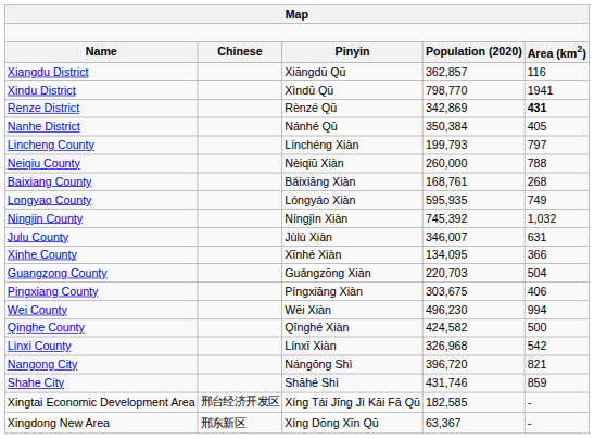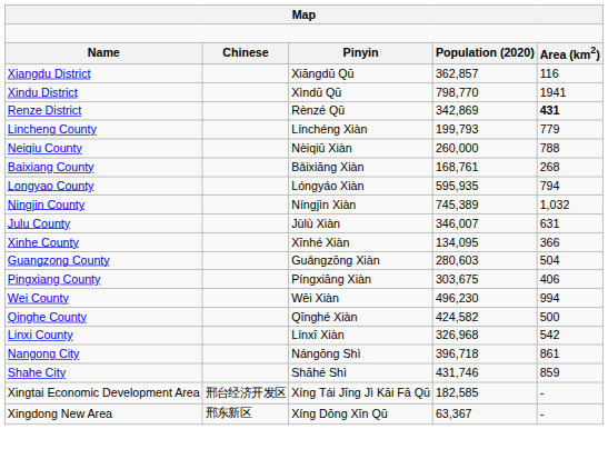 <table class="wikitable sortable" style="font-size:90%;" align="center">
 <tr>
 <th colspan="5" align="center">Map</th>
 </tr>
 <tr>
 <td colspan="5" align="center"><div><br>                     </div></td>
 </tr>
 <tr>
 <th>Name</th>
 <th>Chinese</th>
 <th>Pinyin</th>
 <th>Population (2020)</th>
 <th>Area (km<sup>2</sup>)</th>
 </tr>
 <tr>
 <td><a href='#'>Xiangdu District</a></td>
 <td></td>
 <td>Xiāngdū Qū</td>
 <td>362,857</td>
 <td>116</td>
 </tr>
 <tr>
 <td><a href='#'>Xindu District</a></td>
 <td></td>
 <td>Xìndū Qū</td>
 <td>798,770</td>
 <td>1941</td>
 </tr>
 <tr>
 <td><a href='#'>Renze District</a></td>
 <td></td>
 <td>Rènzé Qū</td>
 <td>342,869</td>
 <td><strong>431</strong></td>
 </tr>
 <tr>
-<td><a href='#'>Nanhe District</a></td>
-<td></td>
-<td>Nánhé Qū</td>
-<td>350,384</td>
-<td>405</td>
-</tr>
-<tr>
 <td><a href='#'>Lincheng County</a></td>
 <td></td>
 <td>Línchéng Xiàn</td>
 <td>199,793</td>
-<td>797</td>
+<td>779</td>
 </tr>
 <tr>
 <td><a href='#'>Neiqiu County</a></td>
 <td></td>
 <td>Nèiqiū Xiàn</td>
 <td>260,000</td>
 <td>788</td>
 </tr>
 <tr>
 <td><a href='#'>Baixiang County</a></td>
 <td></td>
 <td>Bǎixiāng Xiàn</td>
 <td>168,761</td>
 <td>268</td>
 </tr>
 <tr>
 <td><a href='#'>Longyao County</a></td>
 <td></td>
 <td>Lóngyáo Xiàn</td>
 <td>595,935</td>
-<td>749</td>
+<td>794</td>
 </tr>
 <tr>
 <td><a href='#'>Ningjin County</a></td>
 <td></td>
 <td>Níngjìn Xiàn</td>
-<td>745,392</td>
+<td>745,389</td>
 <td>1,032</td>
 </tr>
 <tr>
 <td><a href='#'>Julu County</a></td>
 <td></td>
 <td>Jùlù Xiàn</td>
 <td>346,007</td>
 <td>631</td>
 </tr>
 <tr>
 <td><a href='#'>Xinhe County</a></td>
 <td></td>
 <td>Xīnhé Xiàn</td>
 <td>134,095</td>
 <td>366</td>
 </tr>
 <tr>
 <td><a href='#'>Guangzong County</a></td>
 <td></td>
 <td>Guǎngzōng Xiàn</td>
-<td>220,703</td>
+<td>280,603</td>
 <td>504</td>
 </tr>
 <tr>
 <td><a href='#'>Pingxiang County</a></td>
 <td></td>
 <td>Píngxiāng Xiàn</td>
 <td>303,675</td>
 <td>406</td>
 </tr>
 <tr>
 <td><a href='#'>Wei County</a></td>
 <td></td>
 <td>Wēi Xiàn</td>
 <td>496,230</td>
 <td>994</td>
 </tr>
 <tr>
 <td><a href='#'>Qinghe County</a></td>
 <td></td>
 <td>Qīnghé Xiàn</td>
 <td>424,582</td>
 <td>500</td>
 </tr>
 <tr>
 <td><a href='#'>Linxi County</a></td>
 <td></td>
 <td>Línxī Xiàn</td>
 <td>326,968</td>
 <td>542</td>
 </tr>
 <tr>
 <td><a href='#'>Nangong City</a></td>
 <td></td>
 <td>Nángōng Shì</td>
-<td>396,720</td>
-<td>821</td>
+<td>396,718</td>
+<td>861</td>
 </tr>
 <tr>
 <td><a href='#'>Shahe City</a></td>
 <td></td>
 <td>Shāhé Shì</td>
 <td>431,746</td>
 <td>859</td>
 </tr>
 <tr>
 <td>Xingtai Economic Development Area</td>
 <td>邢台经济开发区</td>
 <td>Xíng Tái Jīng Jì Kāi Fā Qū</td>
 <td>182,585</td>
 <td>-</td>
 </tr>
 <tr>
 <td>Xingdong New Area</td>
 <td>邢东新区</td>
 <td>Xíng Dōng Xīn Qū</td>
 <td>63,367</td>
 <td>-</td>
 </tr>
 </table>
